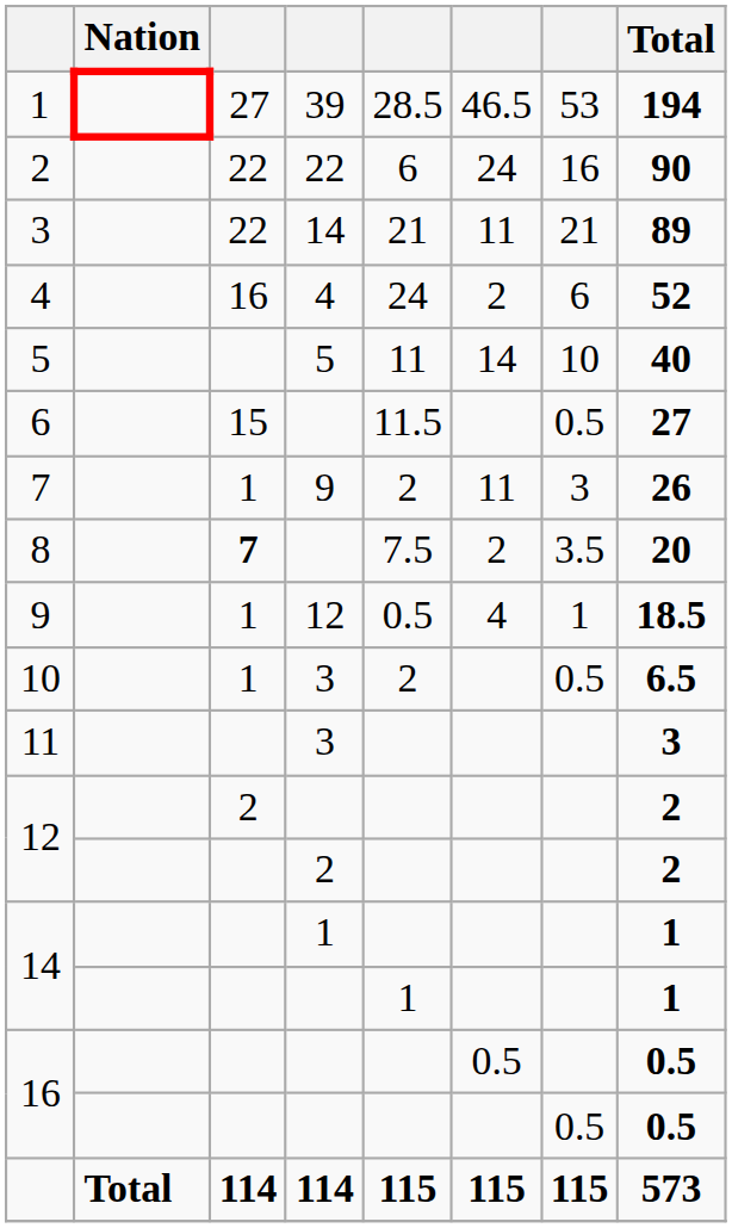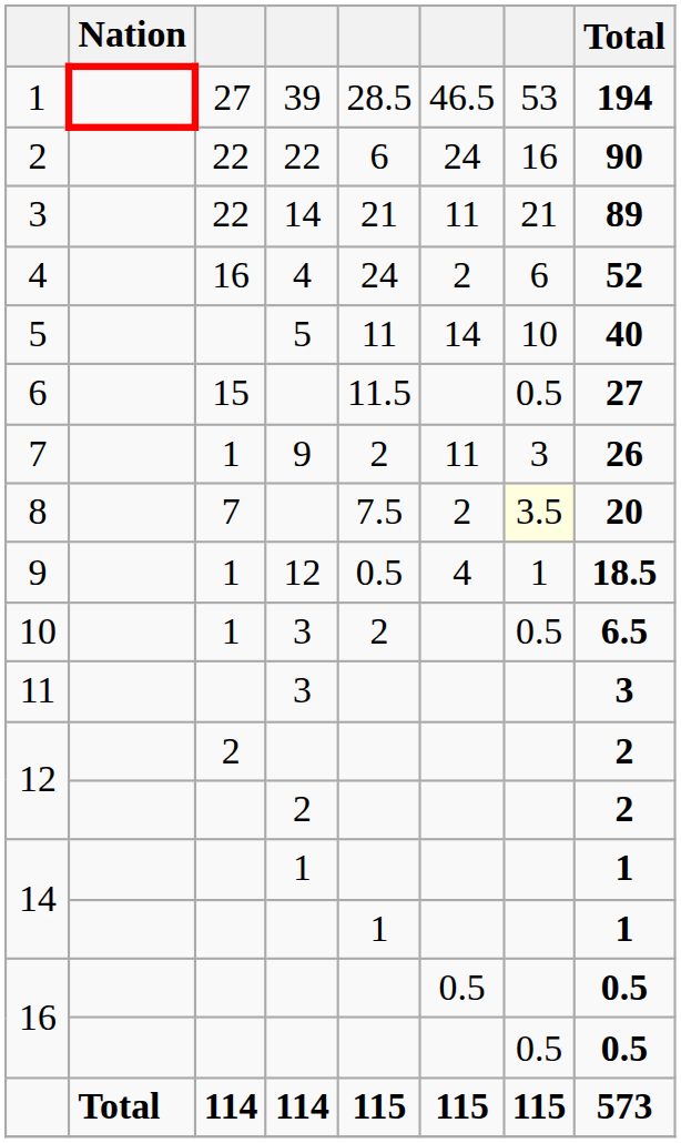 <table class="wikitable" style="text-align:center">
 <tr>
 <th width="20"></th>
 <th>Nation</th>
 <th width="20"></th>
 <th width="20"></th>
 <th width="20"></th>
 <th width="20"></th>
 <th width="20"></th>
 <th>Total</th>
 </tr>
 <tr>
 <td>1</td>
 <td align=left style="border: 3px solid red"></td>
 <td>27</td>
 <td>39</td>
 <td>28.5</td>
 <td>46.5</td>
 <td>53</td>
 <td><strong>194</strong></td>
 </tr>
 <tr align=center>
 <td>2</td>
 <td align=left></td>
 <td>22</td>
 <td>22</td>
 <td>6</td>
 <td>24</td>
 <td>16</td>
 <td><strong>90</strong></td>
 </tr>
 <tr align=center>
 <td>3</td>
 <td align=left></td>
 <td>22</td>
 <td>14</td>
 <td>21</td>
 <td>11</td>
 <td>21</td>
 <td><strong>89</strong></td>
 </tr>
 <tr align=center>
 <td>4</td>
 <td align=left></td>
 <td>16</td>
 <td>4</td>
 <td>24</td>
 <td>2</td>
 <td>6</td>
 <td><strong>52</strong></td>
 </tr>
 <tr align=center>
 <td>5</td>
 <td align=left></td>
 <td></td>
 <td>5</td>
 <td>11</td>
 <td>14</td>
 <td>10</td>
 <td><strong>40</strong></td>
 </tr>
 <tr align=center>
 <td>6</td>
 <td align=left></td>
 <td>15</td>
 <td></td>
 <td>11.5</td>
 <td></td>
 <td>0.5</td>
 <td><strong>27</strong></td>
 </tr>
 <tr align=center>
 <td>7</td>
 <td align=left></td>
 <td>1</td>
 <td>9</td>
 <td>2</td>
 <td>11</td>
 <td>3</td>
 <td><strong>26</strong></td>
 </tr>
 <tr align=center>
 <td>8</td>
 <td align=left></td>
-<td><strong>7</strong></td>
+<td>7</td>
 <td></td>
 <td>7.5</td>
 <td>2</td>
-<td>3.5</td>
+<td style="background: lightyellow;">3.5</td>
 <td><strong>20</strong></td>
 </tr>
 <tr align=center>
 <td>9</td>
 <td align=left></td>
 <td>1</td>
 <td>12</td>
 <td>0.5</td>
 <td>4</td>
 <td>1</td>
 <td><strong>18.5</strong></td>
 </tr>
 <tr align=center>
 <td>10</td>
 <td align=left></td>
 <td>1</td>
 <td>3</td>
 <td>2</td>
 <td></td>
 <td>0.5</td>
 <td><strong>6.5</strong></td>
 </tr>
 <tr align=center>
 <td>11</td>
 <td align=left></td>
 <td></td>
 <td>3</td>
 <td></td>
 <td></td>
 <td></td>
 <td><strong>3</strong></td>
 </tr>
 <tr align=center>
 <td rowspan="2">12</td>
 <td align=left></td>
 <td>2</td>
 <td></td>
 <td></td>
 <td></td>
 <td></td>
 <td><strong>2</strong></td>
 </tr>
 <tr align=center>
 <td align=left></td>
 <td></td>
 <td>2</td>
 <td></td>
 <td></td>
 <td></td>
 <td><strong>2</strong></td>
 </tr>
 <tr align=center>
 <td rowspan="2">14</td>
 <td align=left></td>
 <td></td>
 <td>1</td>
 <td></td>
 <td></td>
 <td></td>
 <td><strong>1</strong></td>
 </tr>
 <tr align=center>
 <td align=left></td>
 <td></td>
 <td></td>
 <td>1</td>
 <td></td>
 <td></td>
 <td><strong>1</strong></td>
 </tr>
 <tr align=center>
 <td rowspan="2">16</td>
 <td align=left></td>
 <td></td>
 <td></td>
 <td></td>
 <td>0.5</td>
 <td></td>
 <td><strong>0.5</strong></td>
 </tr>
 <tr align=center>
 <td align=left></td>
 <td></td>
 <td></td>
 <td></td>
 <td></td>
 <td>0.5</td>
 <td><strong>0.5</strong></td>
 </tr>
 <tr>
 <td></td>
 <td align=left><strong>Total</strong></td>
 <td><strong>114</strong></td>
 <td><strong>114</strong></td>
 <td><strong>115</strong></td>
 <td><strong>115</strong></td>
 <td><strong>115</strong></td>
 <td><strong>573</strong></td>
 </tr>
 <tr>
 </tr>
 </table>
